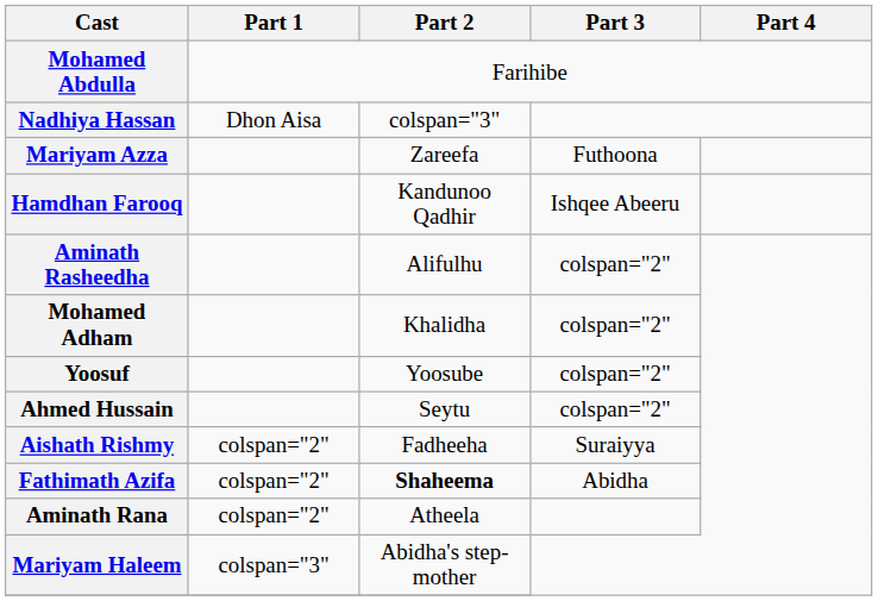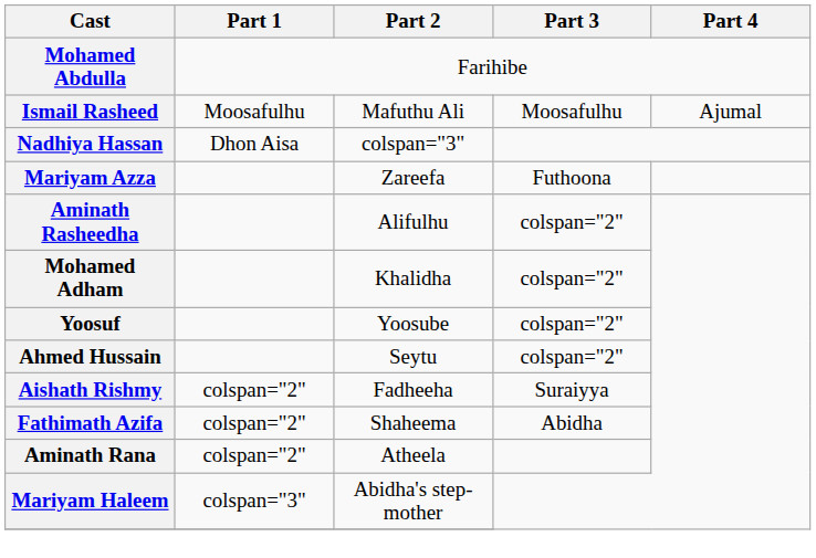 <table class="wikitable plainrowheaders" style="text-align:center" width="99%">
 <tr>
 <th scope="col" width="15%">Cast</th>
 <th scope="col" width="14%">Part 1</th>
 <th scope="col" width="14%">Part 2</th>
 <th scope="col" width="14%">Part 3</th>
 <th scope="col" width="14%">Part 4</th>
 </tr>
 <tr>
 <th scope="row"><a href='#'>Mohamed Abdulla</a></th>
 <td colspan="4">Farihibe</td>
 </tr>
 <tr>
+<th scope="row"><a href='#'>Ismail Rasheed</a></th>
+<td>Moosafulhu</td>
+<td>Mafuthu Ali</td>
+<td>Moosafulhu</td>
+<td>Ajumal</td>
+</tr>
+<tr>
 <th scope="row"><a href='#'>Nadhiya Hassan</a></th>
 <td>Dhon Aisa</td>
 <td>colspan="3" </td>
 </tr>
 <tr>
 <th scope="row"><a href='#'>Mariyam Azza</a></th>
 <td></td>
 <td>Zareefa</td>
 <td>Futhoona</td>
-<td></td>
-</tr>
-<tr>
-<th scope="row"><a href='#'>Hamdhan Farooq</a></th>
-<td></td>
-<td>Kandunoo Qadhir</td>
-<td>Ishqee Abeeru</td>
 <td></td>
 </tr>
 <tr>
 <th scope="row"><a href='#'>Aminath Rasheedha</a></th>
 <td></td>
 <td>Alifulhu</td>
 <td>colspan="2" </td>
 </tr>
 <tr>
 <th scope="row">Mohamed Adham</th>
 <td></td>
 <td>Khalidha</td>
 <td>colspan="2" </td>
 </tr>
 <tr>
 <th scope="row">Yoosuf</th>
 <td></td>
 <td>Yoosube</td>
 <td>colspan="2" </td>
 </tr>
 <tr>
 <th scope="row">Ahmed Hussain</th>
 <td></td>
 <td>Seytu</td>
 <td>colspan="2" </td>
 </tr>
 <tr>
 <th scope="row"><a href='#'>Aishath Rishmy</a></th>
 <td>colspan="2" </td>
 <td>Fadheeha</td>
 <td>Suraiyya</td>
 </tr>
 <tr>
 <th scope="row"><a href='#'>Fathimath Azifa</a></th>
 <td>colspan="2" </td>
-<td><strong>Shaheema</strong></td>
+<td>Shaheema</td>
 <td>Abidha</td>
 </tr>
 <tr>
 <th scope="row">Aminath Rana</th>
 <td>colspan="2" </td>
 <td>Atheela</td>
 <td></td>
 </tr>
 <tr>
 <th scope="row"><a href='#'>Mariyam Haleem</a></th>
 <td>colspan="3" </td>
 <td>Abidha's step-mother</td>
 </tr>
 <tr>
 </tr>
 </table>
